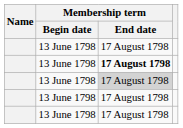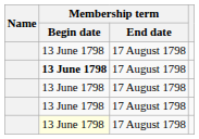 <table class="wikitable sortable plainrowheaders">
 <tr>
 <th scope="col" rowspan="2">Name</th>
 <th scope="col" colspan="2">Membership term</th>
 <th scope="col" rowspan="2" class="unsortable"></th>
 </tr>
 <tr>
 <th>Begin date</th>
 <th>End date</th>
 </tr>
 <tr>
 <th scope="row"></th>
 <td>13 June 1798</td>
 <td>17 August 1798</td>
 <td></td>
 </tr>
 <tr>
 <th scope="row"></th>
-<td>13 June 1798</td>
-<td><strong>17 August 1798</strong></td>
-<td></td>
-</tr>
-<tr>
-<th scope="row"></th>
-<td>13 June 1798</td>
-<td style="background: lightgrey;">17 August 1798</td>
+<td><strong>13 June 1798</strong></td>
+<td>17 August 1798</td>
 <td></td>
 </tr>
 <tr>
 <th scope="row"></th>
 <td>13 June 1798</td>
 <td>17 August 1798</td>
 <td></td>
 </tr>
 <tr>
 <th scope="row"></th>
 <td>13 June 1798</td>
 <td>17 August 1798</td>
 <td></td>
 </tr>
+<tr>
+<th scope="row"></th>
+<td style="background: lightyellow;">13 June 1798</td>
+<td>17 August 1798</td>
+<td></td>
+</tr>
 </table>
